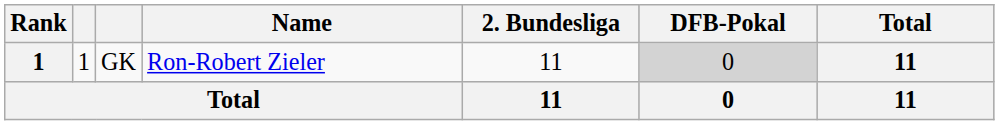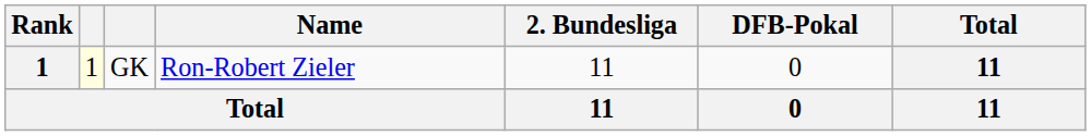 <table class="wikitable" style="text-align:center;">
 <tr>
 <th>Rank</th>
 <th></th>
 <th></th>
 <th width=205>Name</th>
 <th width=110>2. Bundesliga</th>
 <th width=110>DFB-Pokal</th>
 <th width=110>Total</th>
 </tr>
 <tr>
 <th>1</th>
-<td>1</td>
+<td style="background: lightyellow;">1</td>
 <td>GK</td>
 <td align="left"> <a href='#'>Ron-Robert Zieler</a></td>
 <td>11</td>
-<td style="background: lightgrey;">0</td>
+<td>0</td>
 <th>11</th>
 </tr>
 <tr>
 <th colspan=4>Total</th>
 <th>11</th>
 <th>0</th>
 <th>11</th>
 </tr>
 </table>
